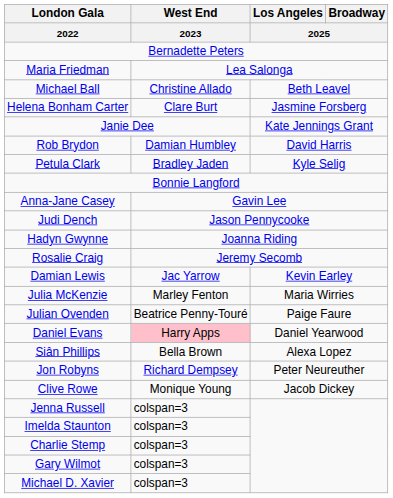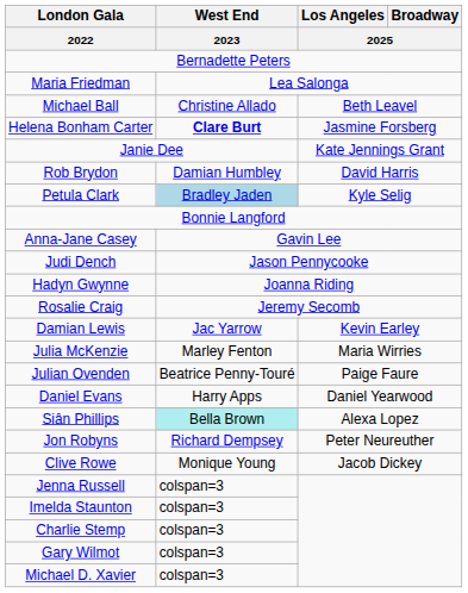 <table class="wikitable">
 <tr>
 <th>London Gala</th>
 <th>West End</th>
 <th>Los Angeles</th>
 <th>Broadway</th>
 </tr>
 <tr>
 <th><small>2022</small></th>
 <th><small>2023</small></th>
 <th colspan="2"><small>2025</small></th>
 </tr>
 <tr>
 <td colspan="4" align="center"><a href='#'>Bernadette Peters</a></td>
 </tr>
 <tr>
 <td align="center"><a href='#'>Maria Friedman</a></td>
 <td colspan="3" align="center"><a href='#'>Lea Salonga</a></td>
 </tr>
 <tr>
 <td align="center"><a href='#'>Michael Ball</a></td>
 <td align="center"><a href='#'>Christine Allado</a></td>
 <td colspan="2" align="center"><a href='#'>Beth Leavel</a></td>
 </tr>
 <tr>
 <td align="center"><a href='#'>Helena Bonham Carter</a></td>
-<td align="center"><a href='#'>Clare Burt</a></td>
+<td align="center"><strong><a href='#'>Clare Burt</a></strong></td>
 <td colspan="2" align="center"><a href='#'>Jasmine Forsberg</a></td>
 </tr>
 <tr>
 <td colspan="2" align="center"><a href='#'>Janie Dee</a></td>
 <td colspan="2" align="center"><a href='#'>Kate Jennings Grant</a></td>
 </tr>
 <tr>
 <td align="center"><a href='#'>Rob Brydon</a></td>
 <td align="center"><a href='#'>Damian Humbley</a></td>
 <td colspan="2" align="center"><a href='#'>David Harris</a></td>
 </tr>
 <tr>
 <td align="center"><a href='#'>Petula Clark</a></td>
-<td align="center"><a href='#'>Bradley Jaden</a></td>
+<td align="center" style="background: lightblue;"><a href='#'>Bradley Jaden</a></td>
 <td colspan="2" align="center"><a href='#'>Kyle Selig</a></td>
 </tr>
 <tr>
 <td colspan="4" align="center"><a href='#'>Bonnie Langford</a></td>
 </tr>
 <tr>
 <td align="center"><a href='#'>Anna-Jane Casey</a></td>
 <td colspan="3" align="center"><a href='#'>Gavin Lee</a></td>
 </tr>
 <tr>
 <td align="center"><a href='#'>Judi Dench</a></td>
 <td colspan="3" align="center"><a href='#'>Jason Pennycooke</a></td>
 </tr>
 <tr>
 <td align=center><a href='#'>Hadyn Gwynne</a></td>
 <td colspan="3" align="center"><a href='#'>Joanna Riding</a></td>
 </tr>
 <tr>
 <td align=center><a href='#'>Rosalie Craig</a></td>
 <td colspan="3" align="center"><a href='#'>Jeremy Secomb</a></td>
 </tr>
 <tr>
 <td align=center><a href='#'>Damian Lewis</a></td>
 <td align="center"><a href='#'>Jac Yarrow</a></td>
 <td colspan="2" align="center"><a href='#'>Kevin Earley</a></td>
 </tr>
 <tr>
 <td align=center><a href='#'>Julia McKenzie</a></td>
 <td align="center">Marley Fenton</td>
 <td colspan="2" align="center">Maria Wirries</td>
 </tr>
 <tr>
 <td align=center><a href='#'>Julian Ovenden</a></td>
 <td align="center">Beatrice Penny-Touré</td>
 <td colspan="2" align="center">Paige Faure</td>
 </tr>
 <tr>
 <td align=center><a href='#'>Daniel Evans</a></td>
-<td align="center" style="background: pink;">Harry Apps</td>
+<td align="center">Harry Apps</td>
 <td colspan="2" align="center">Daniel Yearwood</td>
 </tr>
 <tr>
 <td align=center><a href='#'>Siân Phillips</a></td>
-<td align="center">Bella Brown</td>
+<td align="center" style="background: paleturquoise;">Bella Brown</td>
 <td colspan="2" align="center">Alexa Lopez</td>
 </tr>
 <tr>
 <td align=center><a href='#'>Jon Robyns</a></td>
 <td align="center"><a href='#'>Richard Dempsey</a></td>
 <td colspan="2" align="center">Peter Neureuther</td>
 </tr>
 <tr>
 <td align=center><a href='#'>Clive Rowe</a></td>
 <td align="center">Monique Young</td>
 <td colspan="2" align="center">Jacob Dickey</td>
 </tr>
 <tr>
 <td align=center><a href='#'>Jenna Russell</a></td>
 <td>colspan=3 </td>
 </tr>
 <tr>
 <td align=center><a href='#'>Imelda Staunton</a></td>
 <td>colspan=3 </td>
 </tr>
 <tr>
 <td align=center><a href='#'>Charlie Stemp</a></td>
 <td>colspan=3 </td>
 </tr>
 <tr>
 <td align=center><a href='#'>Gary Wilmot</a></td>
 <td>colspan=3 </td>
 </tr>
 <tr>
 <td align=center><a href='#'>Michael D. Xavier</a></td>
 <td>colspan=3 </td>
 </tr>
 </table>
